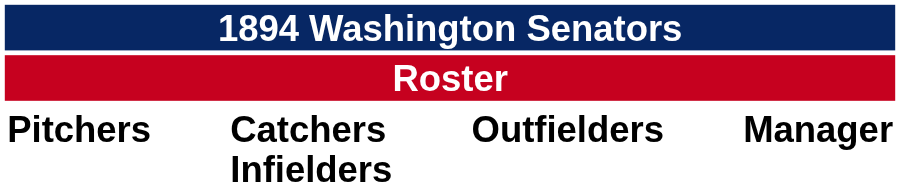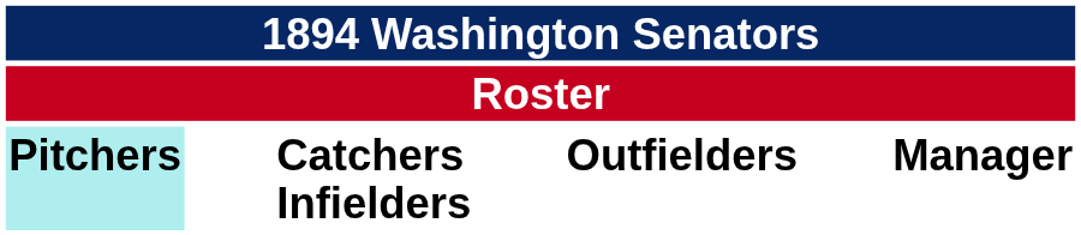 <table class="toccolours" style="font-size: 95%;">
 <tr>
 <th colspan="10" style="background-color: #072764; color: white; text-align: center;">1894 Washington Senators</th>
 </tr>
 <tr>
 <td colspan="10" style="background-color: #c6011f; color: white; text-align: center;"><strong>Roster</strong></td>
 </tr>
 <tr>
-<td valign="top"><strong>Pitchers</strong><br>           </td>
+<td valign="top" style="background: paleturquoise;"><strong>Pitchers</strong><br>           </td>
 <td width="25px"></td>
 <td valign="top"><strong>Catchers</strong><br>  <strong>Infielders</strong>        </td>
 <td width="25px"></td>
 <td valign="top"><strong>Outfielders</strong><br>     </td>
 <td width="25px"></td>
 <td valign="top"><strong>Manager</strong><br></td>
 </tr>
 <tr>
 </tr>
 </table>
